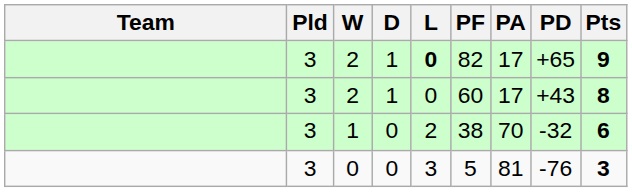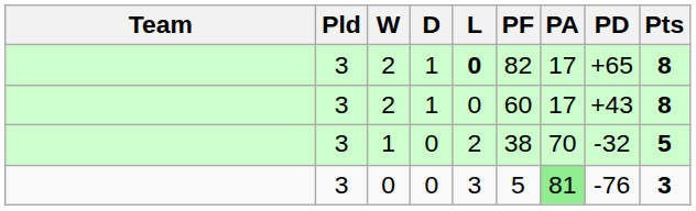 <table class="wikitable" style="text-align:center;">
 <tr>
 <th width="190">Team</th>
 <th width="20" abbr="Played">Pld</th>
 <th width="20" abbr="Won">W</th>
 <th width="20" abbr="Drawn">D</th>
 <th width="20" abbr="Lost">L</th>
 <th width="20" abbr="Points for">PF</th>
 <th width="20" abbr="Points against">PA</th>
 <th width="25" abbr="Points difference">PD</th>
 <th width="20" abbr="Points">Pts</th>
 </tr>
 <tr style="background:#ccffcc">
 <td align="left"></td>
 <td>3</td>
 <td>2</td>
 <td>1</td>
 <td><strong>0</strong></td>
 <td>82</td>
 <td>17</td>
 <td>+65</td>
-<td><strong>9</strong></td>
+<td><strong>8</strong></td>
 </tr>
 <tr style="background:#ccffcc">
 <td align="left"></td>
 <td>3</td>
 <td>2</td>
 <td>1</td>
 <td>0</td>
 <td>60</td>
 <td>17</td>
 <td>+43</td>
 <td><strong>8</strong></td>
 </tr>
 <tr style="background:#ccffcc">
 <td align="left"></td>
 <td>3</td>
 <td>1</td>
 <td>0</td>
 <td>2</td>
 <td>38</td>
 <td>70</td>
 <td>-32</td>
-<td><strong>6</strong></td>
+<td><strong>5</strong></td>
 </tr>
 <tr>
 <td align="left"></td>
 <td>3</td>
 <td>0</td>
 <td>0</td>
 <td>3</td>
 <td>5</td>
-<td>81</td>
+<td style="background: lightgreen;">81</td>
 <td>-76</td>
 <td><strong>3</strong></td>
 </tr>
 </table>
